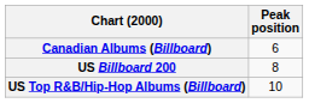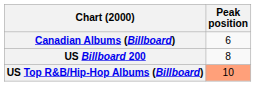 <table class="wikitable sortable plainrowheaders">
 <tr>
 <th scope="col">Chart (2000)</th>
 <th scope="col">Peak<br>position</th>
 </tr>
 <tr>
 <th scope="row"><a href='#'>Canadian Albums</a> (<em><a href='#'>Billboard</a></em>)</th>
 <td align="center">6</td>
 </tr>
 <tr>
 <th scope="row">US <a href='#'><em>Billboard</em> 200</a></th>
 <td align="center">8</td>
 </tr>
 <tr>
 <th scope="row">US <a href='#'>Top R&B/Hip-Hop Albums</a> (<em><a href='#'>Billboard</a></em>)</th>
-<td align="center">10</td>
+<td align="center" style="background: lightsalmon;">10</td>
 </tr>
 </table>
